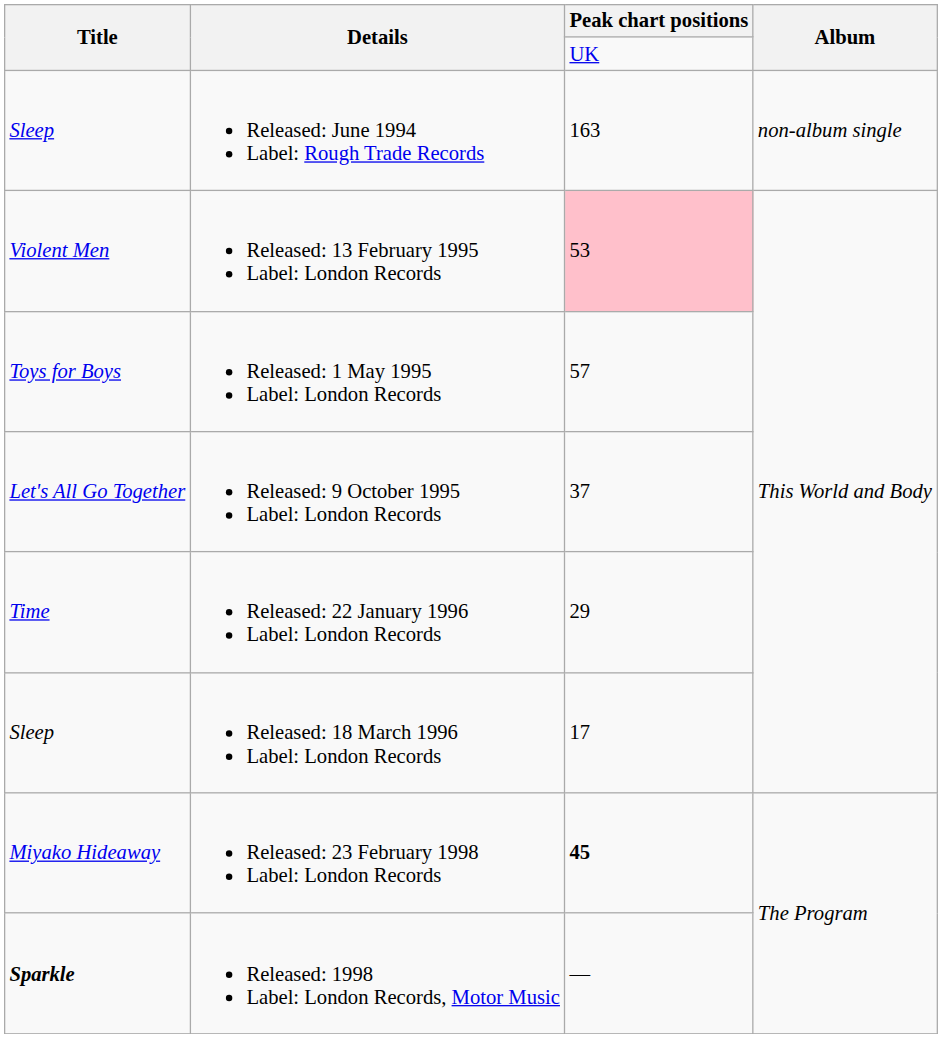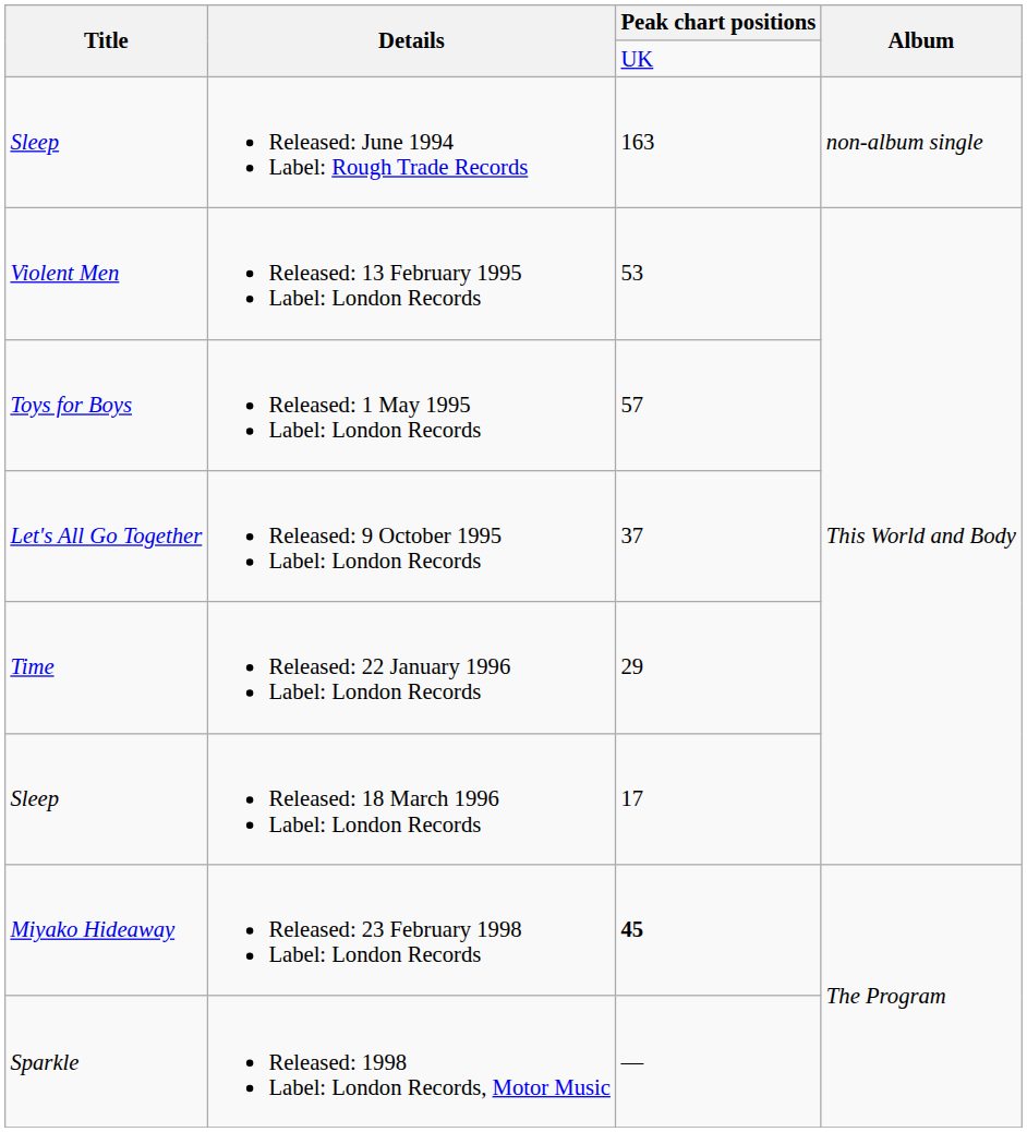 <table class="wikitable">
 <tr>
 <th rowspan="2">Title</th>
 <th rowspan="2">Details</th>
 <th><strong>Peak chart positions</strong></th>
 <th rowspan="2">Album</th>
 </tr>
 <tr>
 <td><a href='#'>UK</a></td>
 </tr>
 <tr>
 <td><em><a href='#'>Sleep</a></em></td>
 <td><br><ul><li>Released: June 1994</li><li>Label: <a href='#'>Rough Trade Records</a></li></ul></td>
 <td>163</td>
 <td><em>non-album single</em></td>
 </tr>
 <tr>
 <td><em><a href='#'>Violent Men</a></em></td>
 <td><br><ul><li>Released: 13 February 1995</li><li>Label: London Records</li></ul></td>
-<td style="background: pink;">53</td>
+<td>53</td>
 <td rowspan="5"><em>This World and Body</em></td>
 </tr>
 <tr>
 <td><em><a href='#'>Toys for Boys</a></em></td>
 <td><br><ul><li>Released: 1 May 1995</li><li>Label: London Records</li></ul></td>
 <td>57</td>
 </tr>
 <tr>
 <td><em><a href='#'>Let's All Go Together</a></em></td>
 <td><br><ul><li>Released: 9 October 1995</li><li>Label: London Records</li></ul></td>
 <td>37</td>
 </tr>
 <tr>
 <td><em><a href='#'>Time</a></em></td>
 <td><br><ul><li>Released: 22 January 1996</li><li>Label: London Records</li></ul></td>
 <td>29</td>
 </tr>
 <tr>
 <td><em>Sleep</em> <br></td>
 <td><br><ul><li>Released: 18 March 1996</li><li>Label: London Records</li></ul></td>
 <td>17</td>
 </tr>
 <tr>
 <td><em><a href='#'>Miyako Hideaway</a></em></td>
 <td><br><ul><li>Released: 23 February 1998</li><li>Label: London Records</li></ul></td>
 <td><strong>45</strong></td>
 <td rowspan="2"><em>The Program</em></td>
 </tr>
 <tr>
-<td><strong><em>Sparkle</em> <br></strong></td>
+<td><em>Sparkle</em> <br></td>
 <td><br><ul><li>Released: 1998</li><li>Label: London Records, <a href='#'>Motor Music</a></li></ul></td>
 <td>—</td>
 </tr>
 <tr>
 </tr>
 </table>
